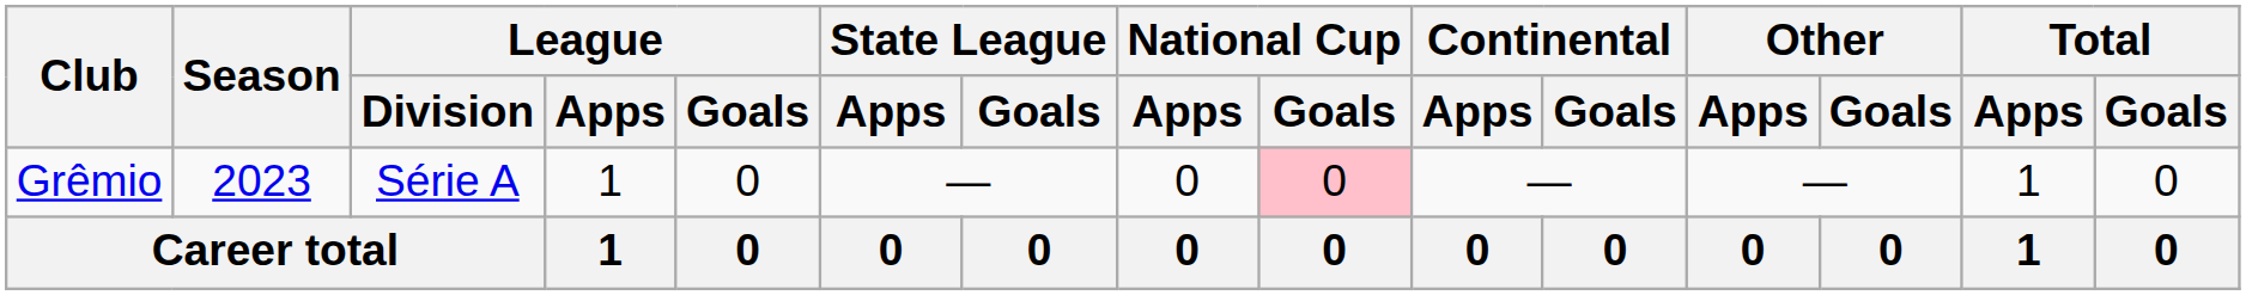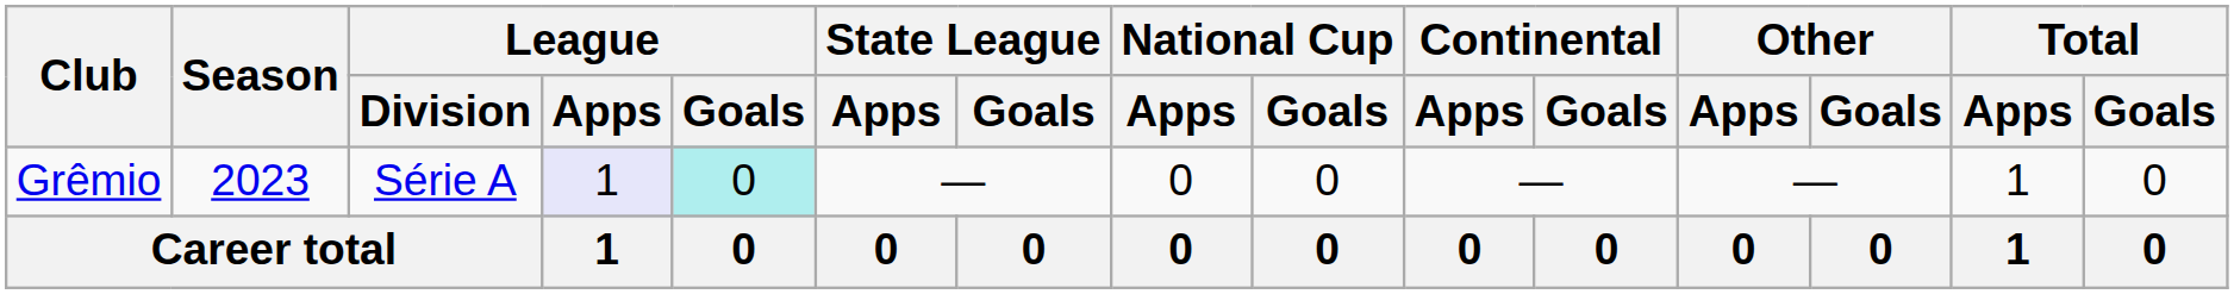 <table class="wikitable" style="text-align:center">
 <tr>
 <th rowspan="2">Club</th>
 <th rowspan="2">Season</th>
 <th colspan="3">League</th>
 <th colspan="2">State League</th>
 <th colspan="2">National Cup</th>
 <th colspan="2">Continental</th>
 <th colspan="2">Other</th>
 <th colspan="2">Total</th>
 </tr>
 <tr>
 <th>Division</th>
 <th>Apps</th>
 <th>Goals</th>
 <th>Apps</th>
 <th>Goals</th>
 <th>Apps</th>
 <th>Goals</th>
 <th>Apps</th>
 <th>Goals</th>
 <th>Apps</th>
 <th>Goals</th>
 <th>Apps</th>
 <th>Goals</th>
 </tr>
 <tr>
 <td><a href='#'>Grêmio</a></td>
 <td><a href='#'>2023</a></td>
 <td><a href='#'>Série A</a></td>
-<td>1</td>
-<td>0</td>
+<td style="background: lavender;">1</td>
+<td style="background: paleturquoise;">0</td>
 <td colspan="2">—</td>
 <td>0</td>
-<td style="background: pink;">0</td>
+<td>0</td>
 <td colspan="2">—</td>
 <td colspan="2">—</td>
 <td>1</td>
 <td>0</td>
 </tr>
 <tr>
 <th colspan="3">Career total</th>
 <th>1</th>
 <th>0</th>
 <th>0</th>
 <th>0</th>
 <th>0</th>
 <th>0</th>
 <th>0</th>
 <th>0</th>
 <th>0</th>
 <th>0</th>
 <th>1</th>
 <th>0</th>
 </tr>
 </table>
